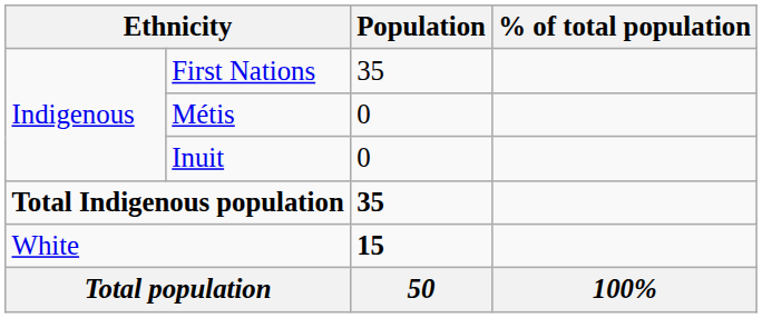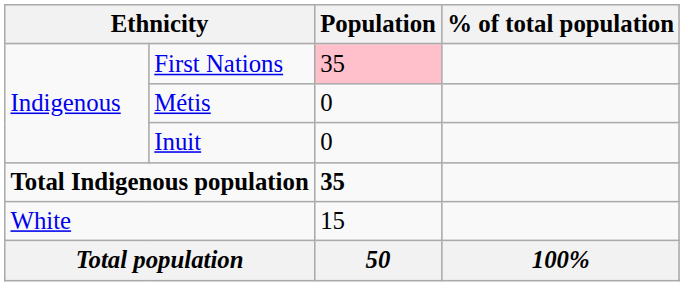 <table class="wikitable">
 <tr>
 <th colspan="2">Ethnicity</th>
 <th>Population</th>
 <th>% of total population</th>
 </tr>
 <tr>
 <td rowspan="3"><a href='#'>Indigenous</a></td>
 <td><a href='#'>First Nations</a></td>
-<td>35</td>
+<td style="background: pink;">35</td>
 <td></td>
 </tr>
 <tr>
 <td><a href='#'>Métis</a></td>
 <td>0</td>
 <td></td>
 </tr>
 <tr>
 <td><a href='#'>Inuit</a></td>
 <td>0</td>
 <td></td>
 </tr>
 <tr>
 <td colspan="2"><strong>Total Indigenous population</strong></td>
 <td><strong>35</strong></td>
 <td><strong></strong></td>
 </tr>
 <tr>
 <td colspan="2"><a href='#'>White</a></td>
-<td><strong>15</strong></td>
+<td>15</td>
 <td></td>
 </tr>
 <tr>
 <th colspan="2"><em>Total population</em></th>
 <th><em>50</em></th>
 <th><em>100%</em></th>
 </tr>
 </table>
